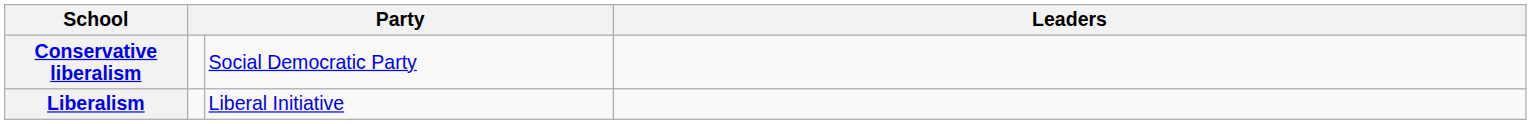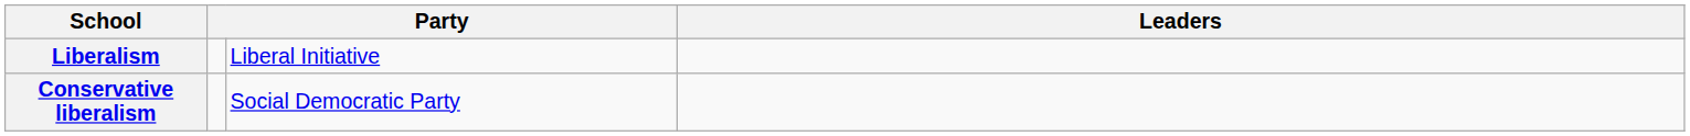 <table class="wikitable plainrowheaders">
 <tr>
 <th width=12%>School</th>
 <th colspan="2" width=28%>Party</th>
 <th width=60%>Leaders</th>
 </tr>
 <tr>
+<th rowspan="1" scope=row><a href='#'>Liberalism</a></th>
+<td style="background:"></td>
+<td><a href='#'>Liberal Initiative</a></td>
+<td></td>
+</tr>
+<tr>
 <th rowspan="1" scope=row><a href='#'>Conservative liberalism</a></th>
 <td style="background:"></td>
 <td><a href='#'>Social Democratic Party</a></td>
 <td></td>
 </tr>
-<tr>
-<th rowspan="1" scope=row><a href='#'>Liberalism</a></th>
-<td style="background:"></td>
-<td><a href='#'>Liberal Initiative</a></td>
-<td></td>
-</tr>
 </table>
